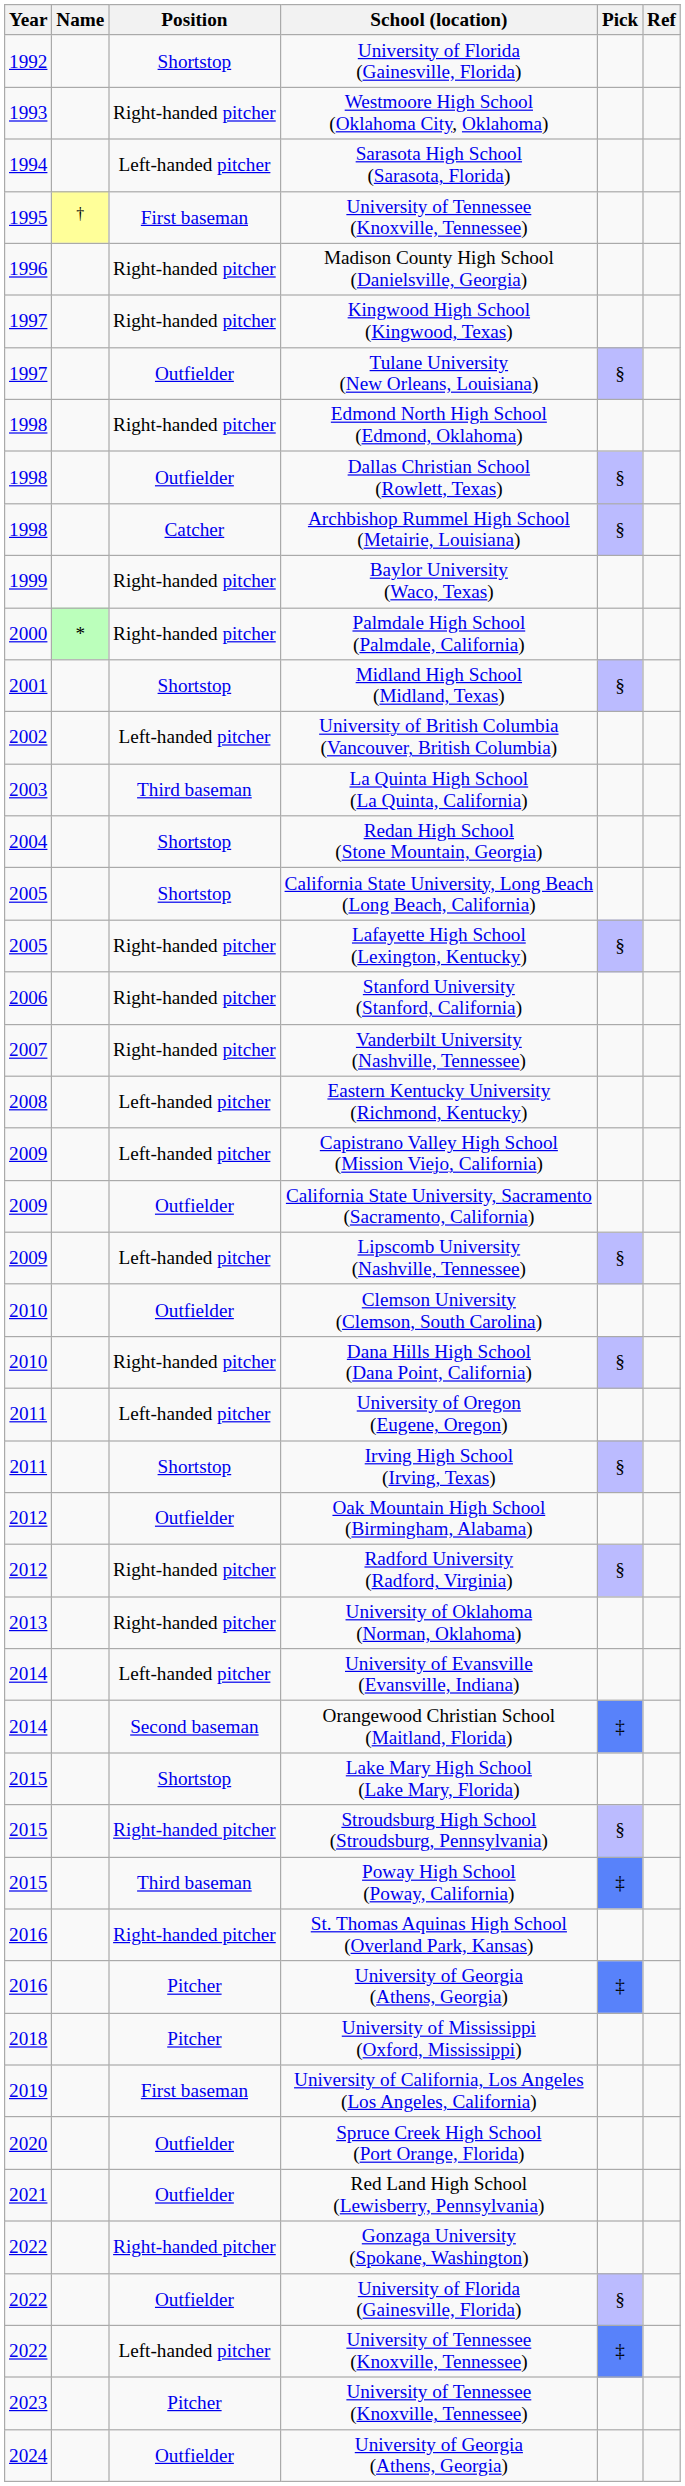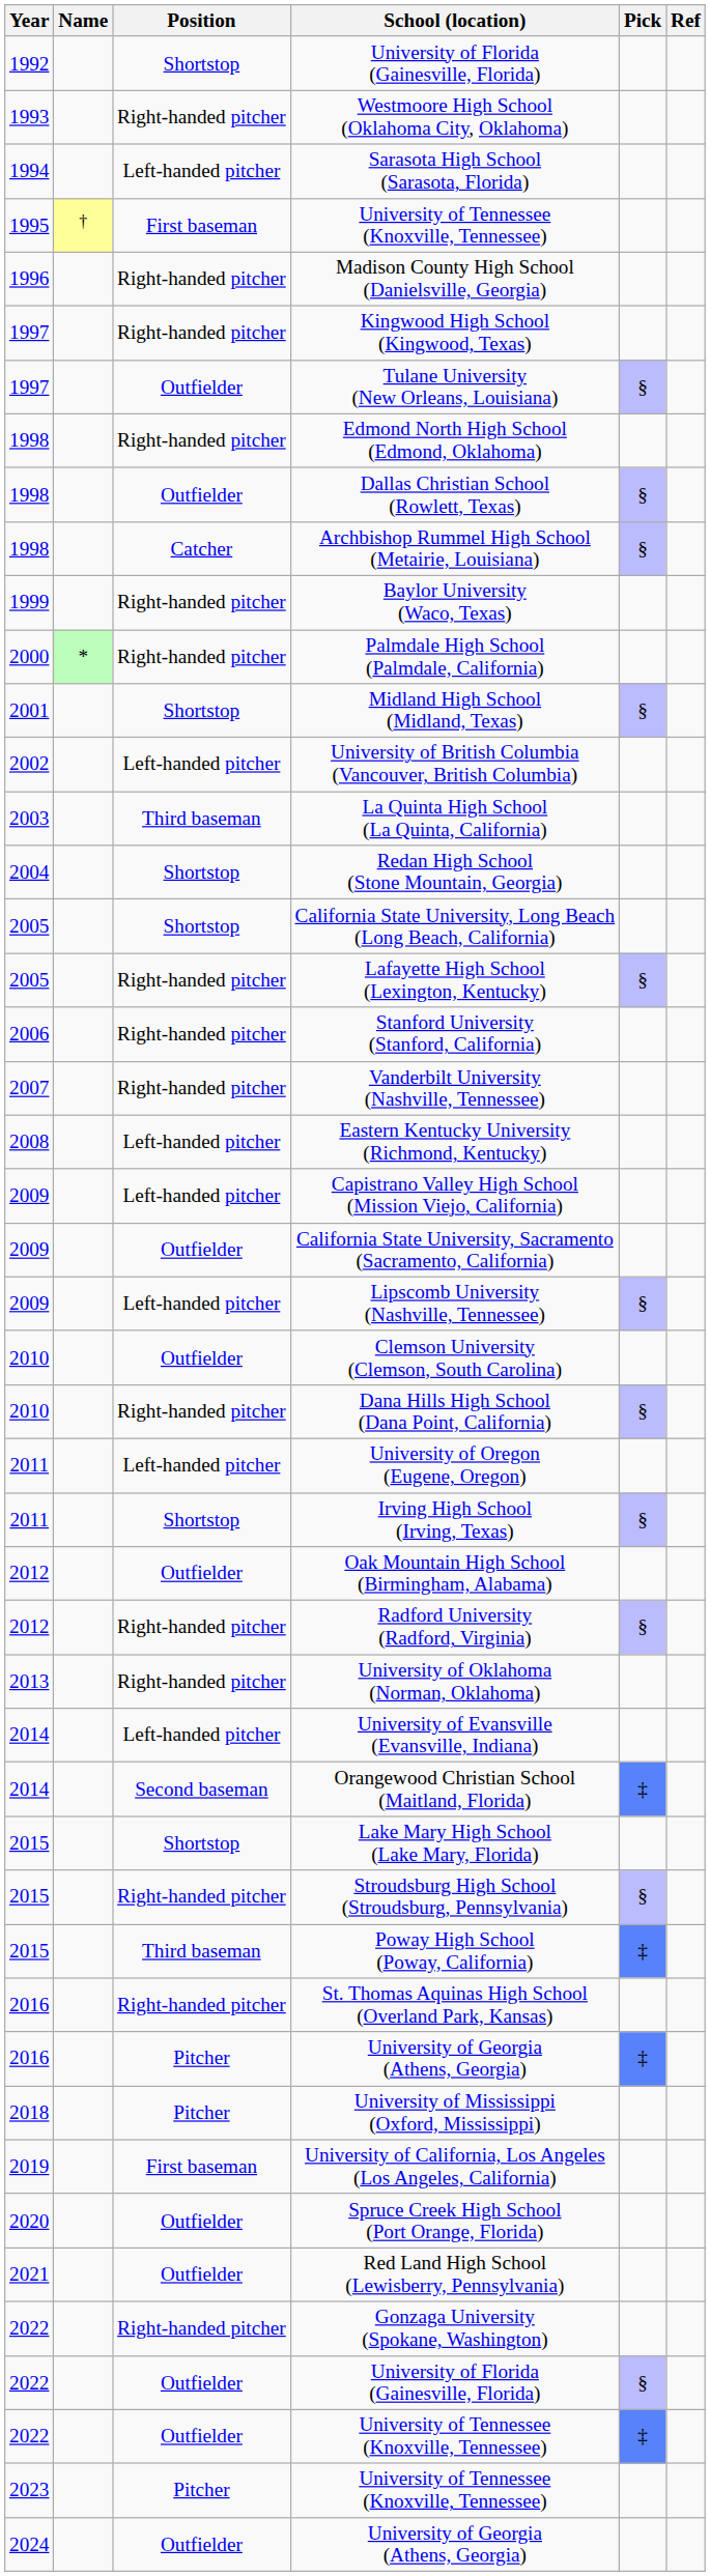 <table class="wikitable sortable" style="text-align:center;" border="1">
 <tr>
 <th>Year</th>
 <th>Name</th>
 <th>Position</th>
 <th class="unsortable">School (location)</th>
 <th>Pick</th>
 <th class="unsortable">Ref</th>
 </tr>
 <tr>
 <td><a href='#'>1992</a></td>
 <td></td>
 <td><a href='#'>Shortstop</a></td>
 <td><a href='#'>University of Florida</a><br>(<a href='#'>Gainesville, Florida</a>)</td>
 <td></td>
 <td></td>
 </tr>
 <tr>
 <td><a href='#'>1993</a></td>
 <td></td>
 <td>Right-handed <a href='#'>pitcher</a></td>
 <td><a href='#'>Westmoore High School</a><br>(<a href='#'>Oklahoma City</a>, <a href='#'>Oklahoma</a>)</td>
 <td></td>
 <td></td>
 </tr>
 <tr>
 <td><a href='#'>1994</a></td>
 <td></td>
 <td>Left-handed <a href='#'>pitcher</a></td>
 <td><a href='#'>Sarasota High School</a><br>(<a href='#'>Sarasota, Florida</a>)</td>
 <td></td>
 <td></td>
 </tr>
 <tr>
 <td><a href='#'>1995</a></td>
 <td style="background:#ff9;"><sup>†</sup></td>
 <td><a href='#'>First baseman</a></td>
 <td><a href='#'>University of Tennessee</a><br>(<a href='#'>Knoxville, Tennessee</a>)</td>
 <td></td>
 <td></td>
 </tr>
 <tr>
 <td><a href='#'>1996</a></td>
 <td></td>
 <td>Right-handed <a href='#'>pitcher</a></td>
 <td>Madison County High School<br>(<a href='#'>Danielsville, Georgia</a>)</td>
 <td></td>
 <td></td>
 </tr>
 <tr>
 <td><a href='#'>1997</a></td>
 <td></td>
 <td>Right-handed <a href='#'>pitcher</a></td>
 <td><a href='#'>Kingwood High School</a><br>(<a href='#'>Kingwood, Texas</a>)</td>
 <td></td>
 <td></td>
 </tr>
 <tr>
 <td><a href='#'>1997</a></td>
 <td></td>
 <td><a href='#'>Outfielder</a></td>
 <td><a href='#'>Tulane University</a><br>(<a href='#'>New Orleans, Louisiana</a>)</td>
 <td bgcolor="#bbbbff">§</td>
 <td></td>
 </tr>
 <tr>
 <td><a href='#'>1998</a></td>
 <td></td>
 <td>Right-handed <a href='#'>pitcher</a></td>
 <td><a href='#'>Edmond North High School</a><br>(<a href='#'>Edmond, Oklahoma</a>)</td>
 <td></td>
 <td></td>
 </tr>
 <tr>
 <td><a href='#'>1998</a></td>
 <td></td>
 <td><a href='#'>Outfielder</a></td>
 <td><a href='#'>Dallas Christian School</a><br>(<a href='#'>Rowlett, Texas</a>)</td>
 <td bgcolor="#bbbbff">§</td>
 <td></td>
 </tr>
 <tr>
 <td><a href='#'>1998</a></td>
 <td></td>
 <td><a href='#'>Catcher</a></td>
 <td><a href='#'>Archbishop Rummel High School</a><br>(<a href='#'>Metairie, Louisiana</a>)</td>
 <td bgcolor="#bbbbff">§</td>
 <td></td>
 </tr>
 <tr>
 <td><a href='#'>1999</a></td>
 <td></td>
 <td>Right-handed <a href='#'>pitcher</a></td>
 <td><a href='#'>Baylor University</a><br>(<a href='#'>Waco, Texas</a>)</td>
 <td></td>
 <td></td>
 </tr>
 <tr>
 <td><a href='#'>2000</a></td>
 <td bgcolor="#bbffbb">*</td>
 <td>Right-handed <a href='#'>pitcher</a></td>
 <td><a href='#'>Palmdale High School</a><br>(<a href='#'>Palmdale, California</a>)</td>
 <td></td>
 <td></td>
 </tr>
 <tr>
 <td><a href='#'>2001</a></td>
 <td></td>
 <td><a href='#'>Shortstop</a></td>
 <td><a href='#'>Midland High School</a><br>(<a href='#'>Midland, Texas</a>)</td>
 <td bgcolor="#bbbbff">§</td>
 <td></td>
 </tr>
 <tr>
 <td><a href='#'>2002</a></td>
 <td></td>
 <td>Left-handed <a href='#'>pitcher</a></td>
 <td><a href='#'>University of British Columbia</a><br>(<a href='#'>Vancouver, British Columbia</a>)</td>
 <td></td>
 <td></td>
 </tr>
 <tr>
 <td><a href='#'>2003</a></td>
 <td></td>
 <td><a href='#'>Third baseman</a></td>
 <td><a href='#'>La Quinta High School</a><br>(<a href='#'>La Quinta, California</a>)</td>
 <td></td>
 <td></td>
 </tr>
 <tr>
 <td><a href='#'>2004</a></td>
 <td></td>
 <td><a href='#'>Shortstop</a></td>
 <td><a href='#'>Redan High School</a><br>(<a href='#'>Stone Mountain, Georgia</a>)</td>
 <td></td>
 <td></td>
 </tr>
 <tr>
 <td><a href='#'>2005</a></td>
 <td></td>
 <td><a href='#'>Shortstop</a></td>
 <td><a href='#'>California State University, Long Beach</a><br>(<a href='#'>Long Beach, California</a>)</td>
 <td></td>
 <td></td>
 </tr>
 <tr>
 <td><a href='#'>2005</a></td>
 <td></td>
 <td>Right-handed <a href='#'>pitcher</a></td>
 <td><a href='#'>Lafayette High School</a><br>(<a href='#'>Lexington, Kentucky</a>)</td>
 <td bgcolor="#bbbbff">§</td>
 <td></td>
 </tr>
 <tr>
 <td><a href='#'>2006</a></td>
 <td></td>
 <td>Right-handed <a href='#'>pitcher</a></td>
 <td><a href='#'>Stanford University</a><br>(<a href='#'>Stanford, California</a>)</td>
 <td></td>
 <td></td>
 </tr>
 <tr>
 <td><a href='#'>2007</a></td>
 <td></td>
 <td>Right-handed <a href='#'>pitcher</a></td>
 <td><a href='#'>Vanderbilt University</a><br>(<a href='#'>Nashville, Tennessee</a>)</td>
 <td></td>
 <td></td>
 </tr>
 <tr>
 <td><a href='#'>2008</a></td>
 <td></td>
 <td>Left-handed <a href='#'>pitcher</a></td>
 <td><a href='#'>Eastern Kentucky University</a><br>(<a href='#'>Richmond, Kentucky</a>)</td>
 <td></td>
 <td></td>
 </tr>
 <tr>
 <td><a href='#'>2009</a></td>
 <td></td>
 <td>Left-handed <a href='#'>pitcher</a></td>
 <td><a href='#'>Capistrano Valley High School</a><br>(<a href='#'>Mission Viejo, California</a>)</td>
 <td></td>
 <td></td>
 </tr>
 <tr>
 <td><a href='#'>2009</a></td>
 <td></td>
 <td><a href='#'>Outfielder</a></td>
 <td><a href='#'>California State University, Sacramento</a><br>(<a href='#'>Sacramento, California</a>)</td>
 <td></td>
 <td></td>
 </tr>
 <tr>
 <td><a href='#'>2009</a></td>
 <td></td>
 <td>Left-handed <a href='#'>pitcher</a></td>
 <td><a href='#'>Lipscomb University</a><br>(<a href='#'>Nashville, Tennessee</a>)</td>
 <td bgcolor="#bbbbff">§</td>
 <td></td>
 </tr>
 <tr>
 <td><a href='#'>2010</a></td>
 <td></td>
 <td><a href='#'>Outfielder</a></td>
 <td><a href='#'>Clemson University</a><br>(<a href='#'>Clemson, South Carolina</a>)</td>
 <td></td>
 <td></td>
 </tr>
 <tr>
 <td><a href='#'>2010</a></td>
 <td></td>
 <td>Right-handed <a href='#'>pitcher</a></td>
 <td><a href='#'>Dana Hills High School</a><br>(<a href='#'>Dana Point, California</a>)</td>
 <td bgcolor="#bbbbff">§</td>
 <td></td>
 </tr>
 <tr>
 <td><a href='#'>2011</a></td>
 <td></td>
 <td>Left-handed <a href='#'>pitcher</a></td>
 <td><a href='#'>University of Oregon</a><br>(<a href='#'>Eugene, Oregon</a>)</td>
 <td></td>
 <td></td>
 </tr>
 <tr>
 <td><a href='#'>2011</a></td>
 <td></td>
 <td><a href='#'>Shortstop</a></td>
 <td><a href='#'>Irving High School</a><br>(<a href='#'>Irving, Texas</a>)</td>
 <td bgcolor="#bbbbff">§</td>
 <td></td>
 </tr>
 <tr>
 <td><a href='#'>2012</a></td>
 <td></td>
 <td><a href='#'>Outfielder</a></td>
 <td><a href='#'>Oak Mountain High School</a><br>(<a href='#'>Birmingham, Alabama</a>)</td>
 <td></td>
 <td></td>
 </tr>
 <tr>
 <td><a href='#'>2012</a></td>
 <td></td>
 <td>Right-handed <a href='#'>pitcher</a></td>
 <td><a href='#'>Radford University</a><br>(<a href='#'>Radford, Virginia</a>)</td>
 <td bgcolor="#bbbbff">§</td>
 <td></td>
 </tr>
 <tr>
 <td><a href='#'>2013</a></td>
 <td></td>
 <td>Right-handed <a href='#'>pitcher</a></td>
 <td><a href='#'>University of Oklahoma</a><br>(<a href='#'>Norman, Oklahoma</a>)</td>
 <td></td>
 <td></td>
 </tr>
 <tr>
 <td><a href='#'>2014</a></td>
 <td></td>
 <td>Left-handed <a href='#'>pitcher</a></td>
 <td><a href='#'>University of Evansville</a><br>(<a href='#'>Evansville, Indiana</a>)</td>
 <td></td>
 <td></td>
 </tr>
 <tr>
 <td><a href='#'>2014</a></td>
 <td></td>
 <td><a href='#'>Second baseman</a></td>
 <td>Orangewood Christian School<br>(<a href='#'>Maitland, Florida</a>)</td>
 <td bgcolor="#5882FA">‡</td>
 <td></td>
 </tr>
 <tr>
 <td><a href='#'>2015</a></td>
 <td></td>
 <td><a href='#'>Shortstop</a></td>
 <td><a href='#'>Lake Mary High School</a><br>(<a href='#'>Lake Mary, Florida</a>)</td>
 <td></td>
 <td></td>
 </tr>
 <tr>
 <td><a href='#'>2015</a></td>
 <td></td>
 <td><a href='#'>Right-handed pitcher</a></td>
 <td><a href='#'>Stroudsburg High School</a><br>(<a href='#'>Stroudsburg, Pennsylvania</a>)</td>
 <td bgcolor="#bbbbff">§</td>
 <td></td>
 </tr>
 <tr>
 <td><a href='#'>2015</a></td>
 <td></td>
 <td><a href='#'>Third baseman</a></td>
 <td><a href='#'>Poway High School</a><br>(<a href='#'>Poway, California</a>)</td>
 <td bgcolor="#5882FA">‡</td>
 <td></td>
 </tr>
 <tr>
 <td><a href='#'>2016</a></td>
 <td></td>
 <td><a href='#'>Right-handed pitcher</a></td>
 <td><a href='#'>St. Thomas Aquinas High School</a><br>(<a href='#'>Overland Park, Kansas</a>)</td>
 <td></td>
 <td></td>
 </tr>
 <tr>
 <td><a href='#'>2016</a></td>
 <td></td>
 <td><a href='#'>Pitcher</a></td>
 <td><a href='#'>University of Georgia</a><br>(<a href='#'>Athens, Georgia</a>)</td>
 <td bgcolor="#5882FA">‡</td>
 <td></td>
 </tr>
 <tr>
 <td><a href='#'>2018</a></td>
 <td></td>
 <td><a href='#'>Pitcher</a></td>
 <td><a href='#'>University of Mississippi</a><br>(<a href='#'>Oxford, Mississippi</a>)</td>
 <td></td>
 <td></td>
 </tr>
 <tr>
 <td><a href='#'>2019</a></td>
 <td></td>
 <td><a href='#'>First baseman</a></td>
 <td><a href='#'>University of California, Los Angeles</a><br>(<a href='#'>Los Angeles, California</a>)</td>
 <td></td>
 <td></td>
 </tr>
 <tr>
 <td><a href='#'>2020</a></td>
 <td></td>
 <td><a href='#'>Outfielder</a></td>
 <td><a href='#'>Spruce Creek High School</a><br>(<a href='#'>Port Orange, Florida</a>)</td>
 <td></td>
 <td></td>
 </tr>
 <tr>
 <td><a href='#'>2021</a></td>
 <td></td>
 <td><a href='#'>Outfielder</a></td>
 <td>Red Land High School<br>(<a href='#'>Lewisberry, Pennsylvania</a>)</td>
 <td></td>
 <td></td>
 </tr>
 <tr>
 <td><a href='#'>2022</a></td>
 <td></td>
 <td><a href='#'>Right-handed pitcher</a></td>
 <td><a href='#'>Gonzaga University</a><br>(<a href='#'>Spokane, Washington</a>)</td>
 <td></td>
 <td></td>
 </tr>
 <tr>
 <td><a href='#'>2022</a></td>
 <td></td>
 <td><a href='#'>Outfielder</a></td>
 <td><a href='#'>University of Florida</a><br>(<a href='#'>Gainesville, Florida</a>)</td>
 <td bgcolor="#bbbbff">§</td>
 <td></td>
 </tr>
 <tr>
 <td><a href='#'>2022</a></td>
 <td></td>
-<td>Left-handed <a href='#'>pitcher</a></td>
+<td><a href='#'>Outfielder</a></td>
 <td><a href='#'>University of Tennessee</a><br>(<a href='#'>Knoxville, Tennessee</a>)</td>
 <td bgcolor="#5882FA">‡</td>
 <td></td>
 </tr>
 <tr>
 <td><a href='#'>2023</a></td>
 <td></td>
 <td><a href='#'>Pitcher</a></td>
 <td><a href='#'>University of Tennessee</a><br>(<a href='#'>Knoxville, Tennessee</a>)</td>
 <td></td>
 <td></td>
 </tr>
 <tr>
 <td><a href='#'>2024</a></td>
 <td></td>
 <td><a href='#'>Outfielder</a></td>
 <td><a href='#'>University of Georgia</a><br>(<a href='#'>Athens, Georgia</a>)</td>
 <td></td>
 <td></td>
 </tr>
 </table>
